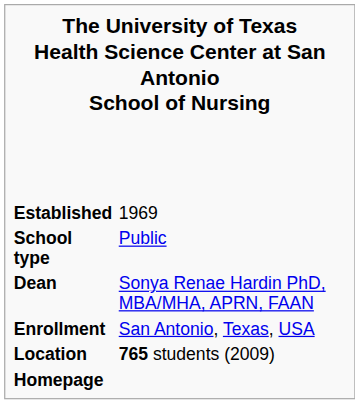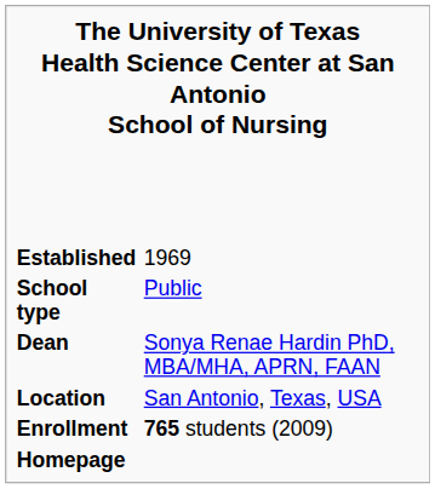 <table class="infobox" style="width:20em; font-size:90%; clear:right;" cellspacing="3">
 <tr>
 <td colspan="2" style="text-align: center; font-size: larger;"><strong>The University of Texas<br>Health Science Center at San Antonio<br>School of Nursing</strong></td>
 </tr>
 <tr>
 <td colspan="2" style="padding: 1em 0; text-align: center;"></td>
 </tr>
 <tr style="vertical-align: top;">
 </tr>
 <tr>
 <td colspan="2" style="padding: 1em 0; text-align: center;"></td>
 </tr>
 <tr style="vertical-align: top;">
 <td><strong>Established</strong></td>
 <td style="padding-right: 1em;">1969</td>
 </tr>
 <tr style="vertical-align: top;">
 <td><strong>School type</strong></td>
 <td style="padding-right: 1em;"><a href='#'>Public</a></td>
 </tr>
 <tr style="vertical-align: top;">
 <td><strong>Dean</strong></td>
 <td style="padding-right: 1em;"><a href='#'>Sonya Renae Hardin PhD, MBA/MHA, APRN, FAAN</a></td>
 </tr>
 <tr style="vertical-align: top;">
-<td><strong>Enrollment</strong></td>
+<td><strong>Location</strong></td>
 <td style="padding-right: 1em;"><a href='#'>San Antonio</a>, <a href='#'>Texas</a>, <a href='#'>USA</a> <br> </td>
 </tr>
 <tr style="vertical-align: top;">
-<td><strong>Location</strong></td>
+<td><strong>Enrollment</strong></td>
 <td style="padding-right: 1em;"><strong>765</strong> students (2009)</td>
 </tr>
 <tr style="vertical-align: top;">
 <td><strong>Homepage</strong></td>
 <td style="padding-right: 1em;"></td>
 </tr>
 </table>
